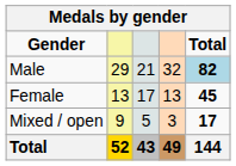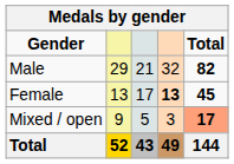 <table class="wikitable" style="font-size:85%;float:right;text-align:center">
 <tr style="background:#efefef;">
 <th colspan=7>Medals by gender</th>
 </tr>
 <tr>
 <td><strong>Gender</strong></td>
 <td bgcolor=#f7f6a8></td>
 <td bgcolor=#dce5e5></td>
 <td bgcolor=#ffdab9></td>
 <td><strong>Total</strong></td>
 </tr>
 <tr>
 <td style="text-align:left;">Male</td>
 <td style="background:#F7F6A8;">29</td>
 <td style="background:#DCE5E5;">21</td>
 <td style="background:#FFDAB9;">32</td>
-<td style="background: lightblue;"><strong>82</strong></td>
+<td><strong>82</strong></td>
 </tr>
 <tr>
 <td style="text-align:left;">Female</td>
 <td style="background:#F7F6A8;">13</td>
 <td style="background:#DCE5E5;">17</td>
-<td style="background:#FFDAB9;">13</td>
+<td style="background:#FFDAB9;"><strong>13</strong></td>
 <td><strong>45</strong></td>
 </tr>
 <tr>
 <td style="text-align:left;">Mixed / open</td>
 <td style="background:#F7F6A8;">9</td>
 <td style="background:#DCE5E5;">5</td>
 <td style="background:#FFDAB9;">3</td>
-<td><strong>17</strong></td>
+<td style="background: lightsalmon;"><strong>17</strong></td>
 </tr>
 <tr>
 <th style="text-align:left;">Total</th>
 <th style="background:gold;">52</th>
 <th style="background:silver;">43</th>
 <th style="background:#c96;">49</th>
 <th>144</th>
 </tr>
 </table>
